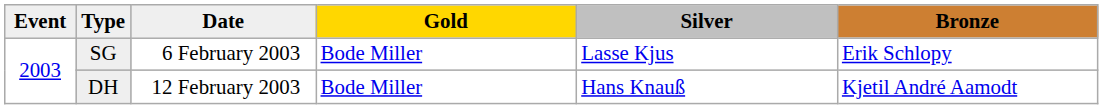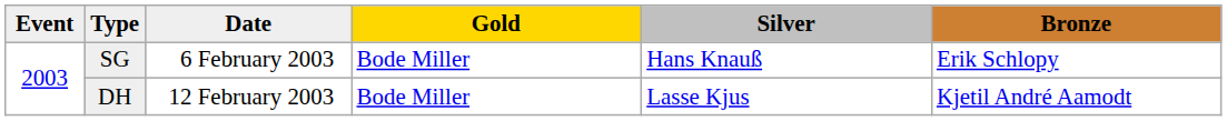 <table class="wikitable plainrowheaders" style="background:#fff; font-size:86%; line-height:15px; border:grey solid 1px; border-collapse:collapse;">
 <tr>
 <th style="background-color: #EFEFEF;" width="40">Event</th>
 <th style="background-color: #EFEFEF;" width="30">Type</th>
 <th style="background-color: #EFEFEF;" width="115">Date</th>
 <th style="background-color: #FFD700;" width="165">Gold</th>
 <th style="background-color: #C0C0C0;" width="165">Silver</th>
 <th style="background-color: #CD7F32;" width="165">Bronze</th>
 </tr>
 <tr>
 <td align=center rowspan=2><a href='#'>2003</a></td>
 <td align=center bgcolor=#EFEFEF>SG</td>
 <td align=right>6 February 2003  </td>
 <td> <a href='#'>Bode Miller</a></td>
-<td> <a href='#'>Lasse Kjus</a></td>
+<td> <a href='#'>Hans Knauß</a></td>
 <td> <a href='#'>Erik Schlopy</a></td>
 </tr>
 <tr>
 <td align=center bgcolor=#EFEFEF>DH</td>
 <td align=right>12 February 2003  </td>
 <td> <a href='#'>Bode Miller</a></td>
-<td> <a href='#'>Hans Knauß</a></td>
+<td> <a href='#'>Lasse Kjus</a></td>
 <td> <a href='#'>Kjetil André Aamodt</a></td>
 </tr>
 </table>
